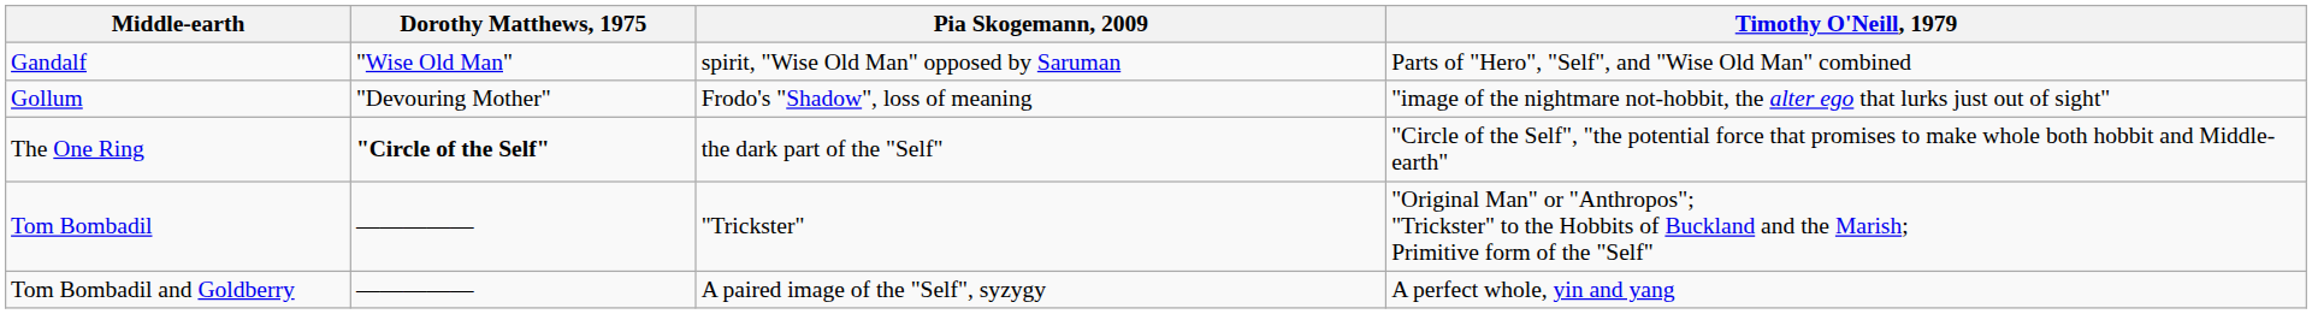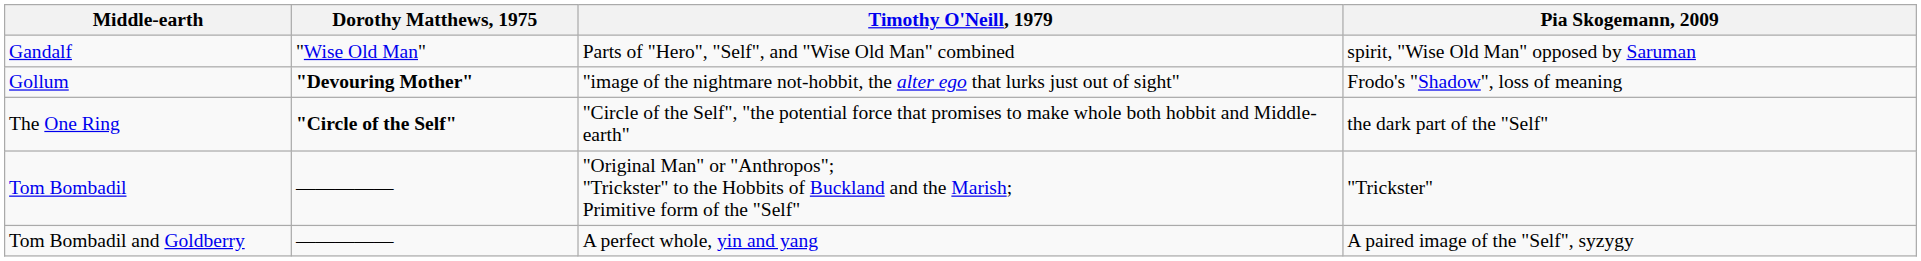 <table class="wikitable">
 <tr>
 <th>Middle-earth</th>
 <th scope="col" style="width: 15%">Dorothy Matthews, 1975</th>
+<th scope="col" style="width: 40%"><a href='#'>Timothy O'Neill</a>, 1979</th>
 <th scope="col" style="width: 30%">Pia Skogemann, 2009</th>
-<th scope="col" style="width: 40%"><a href='#'>Timothy O'Neill</a>, 1979</th>
 </tr>
 <tr>
 <td><a href='#'>Gandalf</a></td>
 <td>"<a href='#'>Wise Old Man</a>"</td>
+<td>Parts of "Hero", "Self", and "Wise Old Man" combined</td>
 <td>spirit, "Wise Old Man" opposed by <a href='#'>Saruman</a></td>
-<td>Parts of "Hero", "Self", and "Wise Old Man" combined</td>
 </tr>
 <tr>
 <td><a href='#'>Gollum</a></td>
-<td>"Devouring Mother"</td>
+<td><strong>"Devouring Mother"</strong></td>
+<td>"image of the nightmare not-hobbit, the <em><a href='#'>alter ego</a></em> that lurks just out of sight"</td>
 <td>Frodo's "<a href='#'>Shadow</a>", loss of meaning</td>
-<td>"image of the nightmare not-hobbit, the <em><a href='#'>alter ego</a></em> that lurks just out of sight"</td>
 </tr>
 <tr>
 <td>The <a href='#'>One Ring</a></td>
 <td><strong>"Circle of the Self"</strong></td>
+<td>"Circle of the Self", "the potential force that promises to make whole both hobbit and Middle-earth"</td>
 <td>the dark part of the "Self"</td>
-<td>"Circle of the Self", "the potential force that promises to make whole both hobbit and Middle-earth"</td>
 </tr>
 <tr>
 <td><a href='#'>Tom Bombadil</a></td>
 <td>—————</td>
+<td>"Original Man" or "Anthropos";<br>"Trickster" to the Hobbits of <a href='#'>Buckland</a> and the <a href='#'>Marish</a>;<br>Primitive form of the "Self"</td>
 <td>"Trickster"</td>
-<td>"Original Man" or "Anthropos";<br>"Trickster" to the Hobbits of <a href='#'>Buckland</a> and the <a href='#'>Marish</a>;<br>Primitive form of the "Self"</td>
 </tr>
 <tr>
 <td>Tom Bombadil and <a href='#'>Goldberry</a></td>
 <td>—————</td>
+<td>A perfect whole, <a href='#'>yin and yang</a></td>
 <td>A paired image of the "Self", syzygy</td>
-<td>A perfect whole, <a href='#'>yin and yang</a></td>
 </tr>
 </table>
